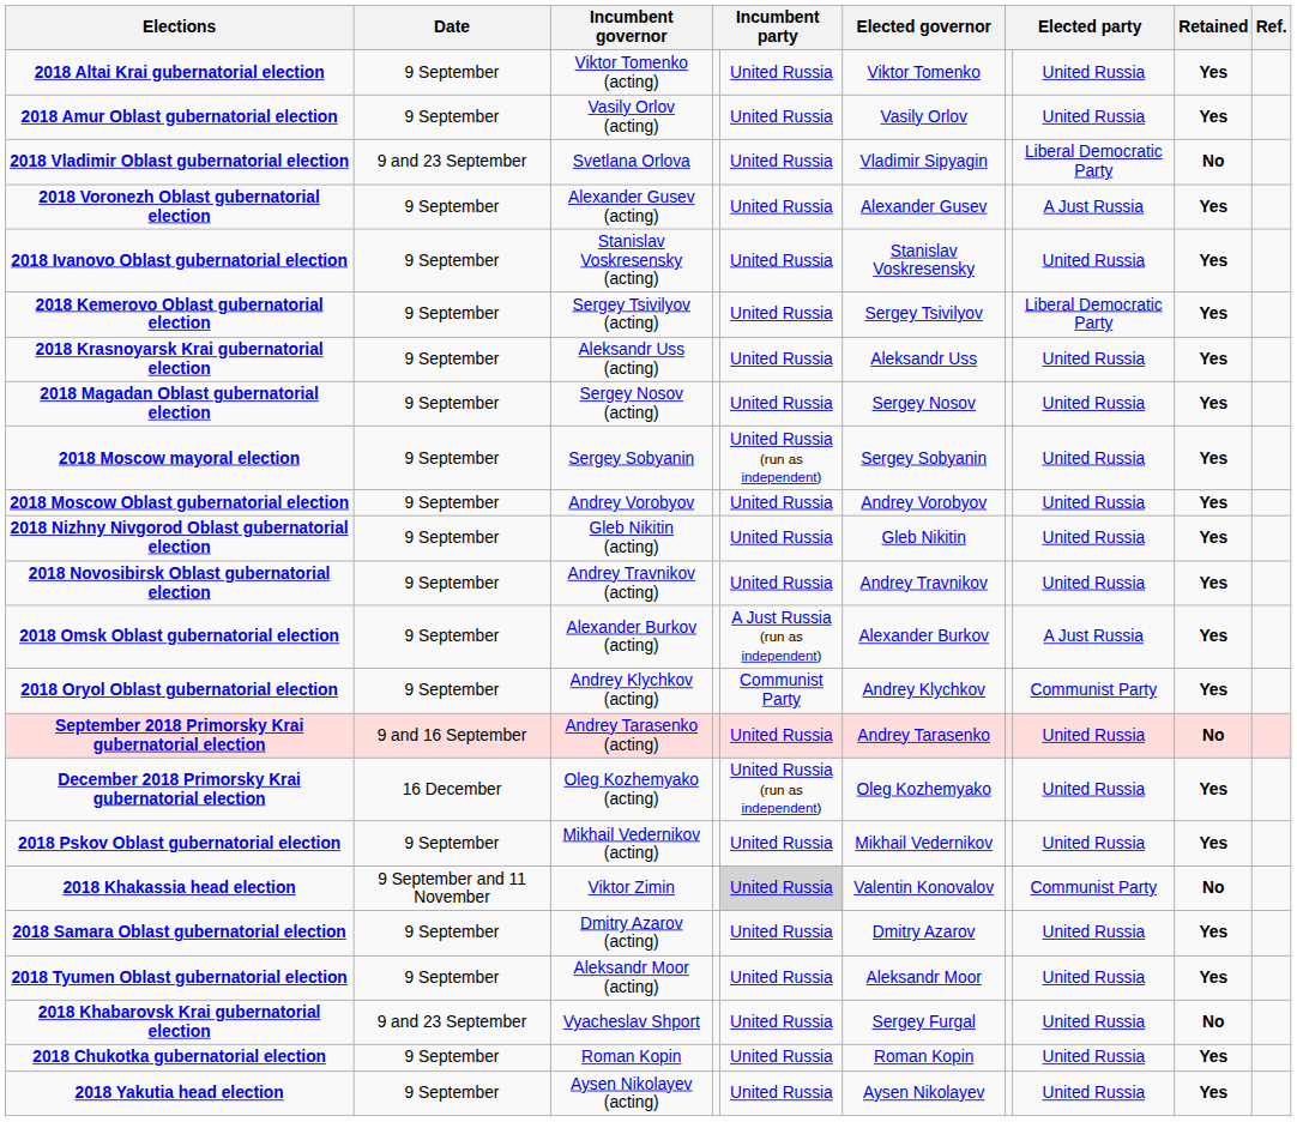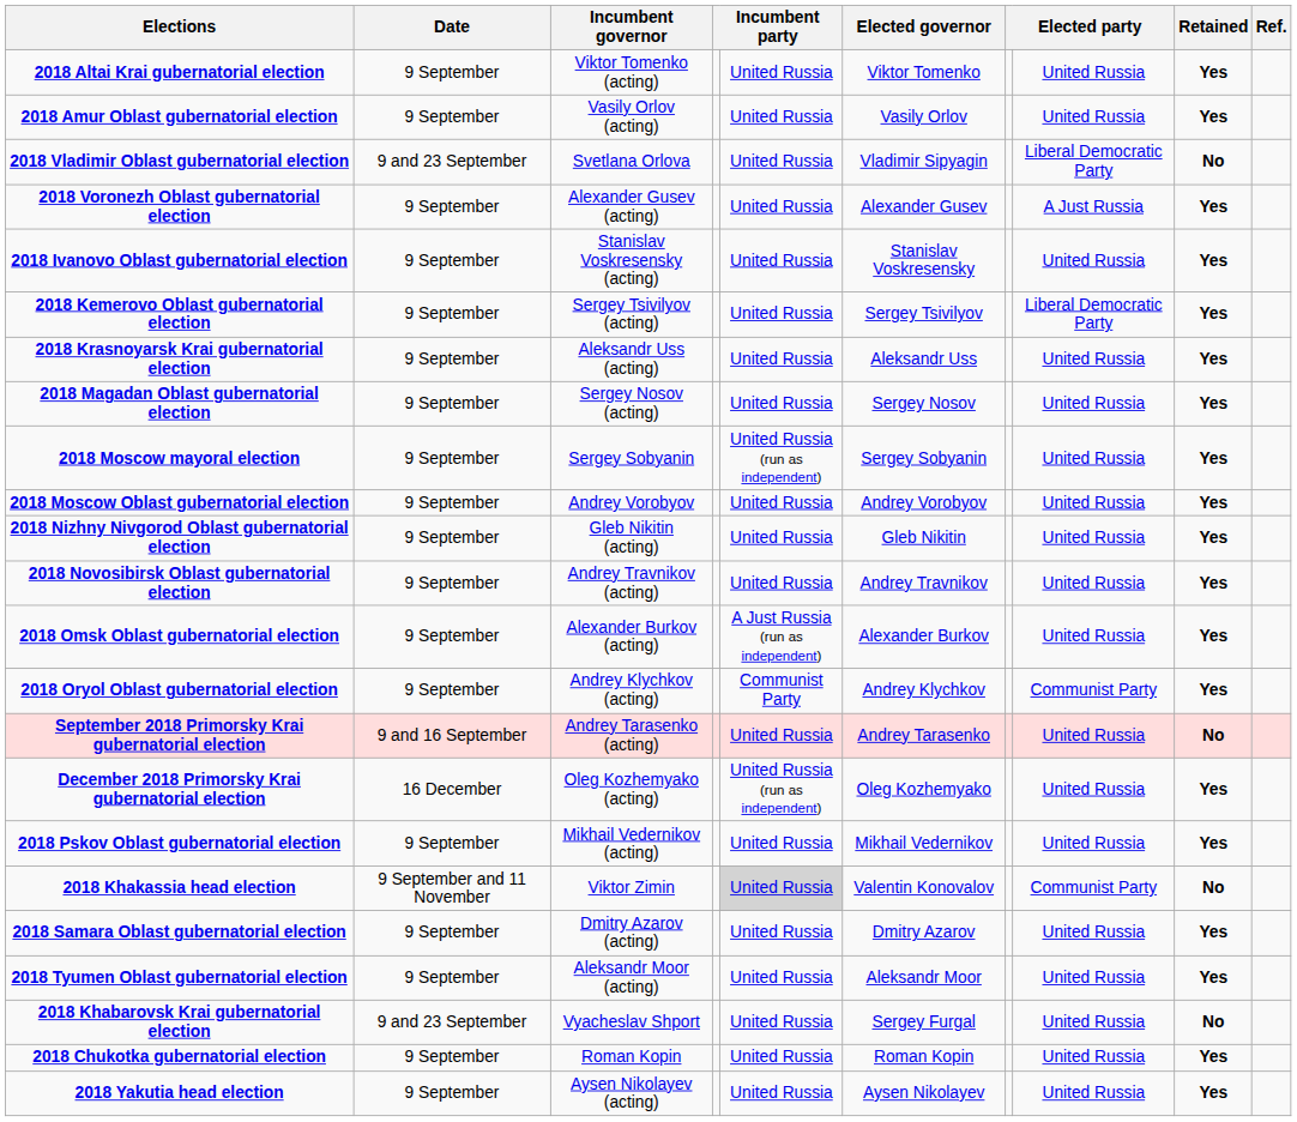 <table class="wikitable" style="text-align:center;">
 <tr>
 <th>Elections</th>
 <th>Date</th>
 <th>Incumbent governor</th>
 <th colspan=2>Incumbent party</th>
 <th>Elected governor</th>
 <th colspan=2>Elected party</th>
 <th>Retained</th>
 <th>Ref.</th>
 </tr>
 <tr>
 <td><strong><a href='#'>2018 Altai Krai gubernatorial election</a></strong></td>
 <td>9 September</td>
 <td><a href='#'>Viktor Tomenko</a><br>(acting)</td>
 <td style="background-color:"></td>
 <td><a href='#'>United Russia</a></td>
 <td><a href='#'>Viktor Tomenko</a></td>
 <td style="background-color:"></td>
 <td><a href='#'>United Russia</a></td>
 <td><strong>Yes</strong></td>
 <td></td>
 </tr>
 <tr>
 <td><strong><a href='#'>2018 Amur Oblast gubernatorial election</a></strong></td>
 <td>9 September</td>
 <td><a href='#'>Vasily Orlov</a><br>(acting)</td>
 <td style="background-color:"></td>
 <td><a href='#'>United Russia</a></td>
 <td><a href='#'>Vasily Orlov</a></td>
 <td style="background-color:"></td>
 <td><a href='#'>United Russia</a></td>
 <td><strong>Yes</strong></td>
 <td></td>
 </tr>
 <tr>
 <td><strong><a href='#'>2018 Vladimir Oblast gubernatorial election</a></strong></td>
 <td>9 and 23 September</td>
 <td><a href='#'>Svetlana Orlova</a></td>
 <td style="background-color:"></td>
 <td><a href='#'>United Russia</a></td>
 <td><a href='#'>Vladimir Sipyagin</a></td>
 <td style="background-color:"></td>
 <td><a href='#'>Liberal Democratic Party</a></td>
 <td><strong>No</strong></td>
 <td></td>
 </tr>
 <tr>
 <td><strong><a href='#'>2018 Voronezh Oblast gubernatorial election</a></strong></td>
 <td>9 September</td>
 <td><a href='#'>Alexander Gusev</a><br>(acting)</td>
 <td style="background-color:"></td>
 <td><a href='#'>United Russia</a></td>
 <td><a href='#'>Alexander Gusev</a></td>
 <td style="background-color:"></td>
 <td><a href='#'>A Just Russia</a></td>
 <td><strong>Yes</strong></td>
 <td></td>
 </tr>
 <tr>
 <td><strong><a href='#'>2018 Ivanovo Oblast gubernatorial election</a></strong></td>
 <td>9 September</td>
 <td><a href='#'>Stanislav Voskresensky</a><br>(acting)</td>
 <td style="background-color:"></td>
 <td><a href='#'>United Russia</a></td>
 <td><a href='#'>Stanislav Voskresensky</a></td>
 <td style="background-color:"></td>
 <td><a href='#'>United Russia</a></td>
 <td><strong>Yes</strong></td>
 <td></td>
 </tr>
 <tr>
 <td><strong><a href='#'>2018 Kemerovo Oblast gubernatorial election</a></strong></td>
 <td>9 September</td>
 <td><a href='#'>Sergey Tsivilyov</a><br>(acting)</td>
 <td style="background-color:"></td>
 <td><a href='#'>United Russia</a></td>
 <td><a href='#'>Sergey Tsivilyov</a></td>
 <td style="background-color:"></td>
 <td><a href='#'>Liberal Democratic Party</a></td>
 <td><strong>Yes</strong></td>
 <td></td>
 </tr>
 <tr>
 <td><strong><a href='#'>2018 Krasnoyarsk Krai gubernatorial election</a></strong></td>
 <td>9 September</td>
 <td><a href='#'>Aleksandr Uss</a><br>(acting)</td>
 <td style="background-color:"></td>
 <td><a href='#'>United Russia</a></td>
 <td><a href='#'>Aleksandr Uss</a></td>
 <td style="background-color:"></td>
 <td><a href='#'>United Russia</a></td>
 <td><strong>Yes</strong></td>
 <td></td>
 </tr>
 <tr>
 <td><strong><a href='#'>2018 Magadan Oblast gubernatorial election</a></strong></td>
 <td>9 September</td>
 <td><a href='#'>Sergey Nosov</a><br>(acting)</td>
 <td style="background-color:"></td>
 <td><a href='#'>United Russia</a></td>
 <td><a href='#'>Sergey Nosov</a></td>
 <td style="background-color:"></td>
 <td><a href='#'>United Russia</a></td>
 <td><strong>Yes</strong></td>
 <td></td>
 </tr>
 <tr>
 <td><strong><a href='#'>2018 Moscow mayoral election</a></strong></td>
 <td>9 September</td>
 <td><a href='#'>Sergey Sobyanin</a></td>
 <td style="background-color:"></td>
 <td><a href='#'>United Russia</a><br><small>(run as <a href='#'>independent</a>)</small></td>
 <td><a href='#'>Sergey Sobyanin</a></td>
 <td style="background-color:"></td>
 <td><a href='#'>United Russia</a></td>
 <td><strong>Yes</strong></td>
 <td></td>
 </tr>
 <tr>
 <td><strong><a href='#'>2018 Moscow Oblast gubernatorial election</a></strong></td>
 <td>9 September</td>
 <td><a href='#'>Andrey Vorobyov</a></td>
 <td style="background-color:"></td>
 <td><a href='#'>United Russia</a></td>
 <td><a href='#'>Andrey Vorobyov</a></td>
 <td style="background-color:"></td>
 <td><a href='#'>United Russia</a></td>
 <td><strong>Yes</strong></td>
 <td></td>
 </tr>
 <tr>
 <td><strong><a href='#'>2018 Nizhny Nivgorod Oblast gubernatorial election</a></strong></td>
 <td>9 September</td>
 <td><a href='#'>Gleb Nikitin</a><br>(acting)</td>
 <td style="background-color:"></td>
 <td><a href='#'>United Russia</a></td>
 <td><a href='#'>Gleb Nikitin</a></td>
 <td style="background-color:"></td>
 <td><a href='#'>United Russia</a></td>
 <td><strong>Yes</strong></td>
 <td></td>
 </tr>
 <tr>
 <td><strong><a href='#'>2018 Novosibirsk Oblast gubernatorial election</a></strong></td>
 <td>9 September</td>
 <td><a href='#'>Andrey Travnikov</a><br>(acting)</td>
 <td style="background-color:"></td>
 <td><a href='#'>United Russia</a></td>
 <td><a href='#'>Andrey Travnikov</a></td>
 <td style="background-color:"></td>
 <td><a href='#'>United Russia</a></td>
 <td><strong>Yes</strong></td>
 <td></td>
 </tr>
 <tr>
 <td><strong><a href='#'>2018 Omsk Oblast gubernatorial election</a></strong></td>
 <td>9 September</td>
 <td><a href='#'>Alexander Burkov</a><br>(acting)</td>
 <td style="background-color:"></td>
 <td><a href='#'>A Just Russia</a><br><small>(run as <a href='#'>independent</a>)</small></td>
 <td><a href='#'>Alexander Burkov</a></td>
 <td style="background-color:"></td>
-<td><a href='#'>A Just Russia</a></td>
+<td><a href='#'>United Russia</a></td>
 <td><strong>Yes</strong></td>
 <td></td>
 </tr>
 <tr>
 <td><strong><a href='#'>2018 Oryol Oblast gubernatorial election</a></strong></td>
 <td>9 September</td>
 <td><a href='#'>Andrey Klychkov</a><br>(acting)</td>
 <td style="background-color:"></td>
 <td><a href='#'>Communist Party</a></td>
 <td><a href='#'>Andrey Klychkov</a></td>
 <td style="background-color:"></td>
 <td><a href='#'>Communist Party</a></td>
 <td><strong>Yes</strong></td>
 <td></td>
 </tr>
 <tr bgcolor=#FFDDDD>
 <td><strong><a href='#'>September 2018 Primorsky Krai gubernatorial election</a></strong></td>
 <td>9 and 16 September</td>
 <td><a href='#'>Andrey Tarasenko</a><br>(acting)</td>
 <td style="background-color:"></td>
 <td><a href='#'>United Russia</a></td>
 <td><a href='#'>Andrey Tarasenko</a></td>
 <td style="background-color:"></td>
 <td><a href='#'>United Russia</a></td>
 <td><strong>No</strong></td>
 <td></td>
 </tr>
 <tr>
 <td><strong><a href='#'>December 2018 Primorsky Krai gubernatorial election</a></strong></td>
 <td>16 December</td>
 <td><a href='#'>Oleg Kozhemyako</a><br>(acting)</td>
 <td style="background-color:"></td>
 <td><a href='#'>United Russia</a><br><small>(run as <a href='#'>independent</a>)</small></td>
 <td><a href='#'>Oleg Kozhemyako</a></td>
 <td style="background-color:"></td>
 <td><a href='#'>United Russia</a></td>
 <td><strong>Yes</strong></td>
 <td></td>
 </tr>
 <tr>
 <td><strong><a href='#'>2018 Pskov Oblast gubernatorial election</a></strong></td>
 <td>9 September</td>
 <td><a href='#'>Mikhail Vedernikov</a><br>(acting)</td>
 <td style="background-color:"></td>
 <td><a href='#'>United Russia</a></td>
 <td><a href='#'>Mikhail Vedernikov</a></td>
 <td style="background-color:"></td>
 <td><a href='#'>United Russia</a></td>
 <td><strong>Yes</strong></td>
 <td></td>
 </tr>
 <tr>
 <td><strong><a href='#'>2018 Khakassia head election</a></strong></td>
 <td>9 September and 11 November</td>
 <td><a href='#'>Viktor Zimin</a></td>
 <td style="background-color:"></td>
 <td style="background: lightgrey;"><a href='#'>United Russia</a></td>
 <td><a href='#'>Valentin Konovalov</a></td>
 <td style="background-color:"></td>
 <td><a href='#'>Communist Party</a></td>
 <td><strong>No</strong></td>
 <td></td>
 </tr>
 <tr>
 <td><strong><a href='#'>2018 Samara Oblast gubernatorial election</a></strong></td>
 <td>9 September</td>
 <td><a href='#'>Dmitry Azarov</a><br>(acting)</td>
 <td style="background-color:"></td>
 <td><a href='#'>United Russia</a></td>
 <td><a href='#'>Dmitry Azarov</a></td>
 <td style="background-color:"></td>
 <td><a href='#'>United Russia</a></td>
 <td><strong>Yes</strong></td>
 <td></td>
 </tr>
 <tr>
 <td><strong><a href='#'>2018 Tyumen Oblast gubernatorial election</a></strong></td>
 <td>9 September</td>
 <td><a href='#'>Aleksandr Moor</a><br>(acting)</td>
 <td style="background-color:"></td>
 <td><a href='#'>United Russia</a></td>
 <td><a href='#'>Aleksandr Moor</a></td>
 <td style="background-color:"></td>
 <td><a href='#'>United Russia</a></td>
 <td><strong>Yes</strong></td>
 <td></td>
 </tr>
 <tr>
 <td><strong><a href='#'>2018 Khabarovsk Krai gubernatorial election</a></strong></td>
 <td>9 and 23 September</td>
 <td><a href='#'>Vyacheslav Shport</a></td>
 <td style="background-color:"></td>
 <td><a href='#'>United Russia</a></td>
 <td><a href='#'>Sergey Furgal</a></td>
 <td style="background-color:"></td>
 <td><a href='#'>United Russia</a></td>
 <td><strong>No</strong></td>
 <td></td>
 </tr>
 <tr>
 <td><strong><a href='#'>2018 Chukotka gubernatorial election</a></strong></td>
 <td>9 September</td>
 <td><a href='#'>Roman Kopin</a></td>
 <td style="background-color:"></td>
 <td><a href='#'>United Russia</a></td>
 <td><a href='#'>Roman Kopin</a></td>
 <td style="background-color:"></td>
 <td><a href='#'>United Russia</a></td>
 <td><strong>Yes</strong></td>
 <td></td>
 </tr>
 <tr>
 <td><strong><a href='#'>2018 Yakutia head election</a></strong></td>
 <td>9 September</td>
 <td><a href='#'>Aysen Nikolayev</a><br>(acting)</td>
 <td style="background-color:"></td>
 <td><a href='#'>United Russia</a></td>
 <td><a href='#'>Aysen Nikolayev</a></td>
 <td style="background-color:"></td>
 <td><a href='#'>United Russia</a></td>
 <td><strong>Yes</strong></td>
 <td></td>
 </tr>
 </table>
